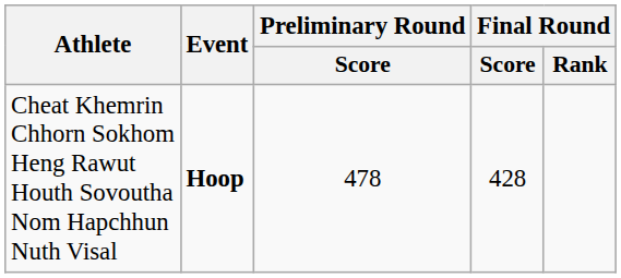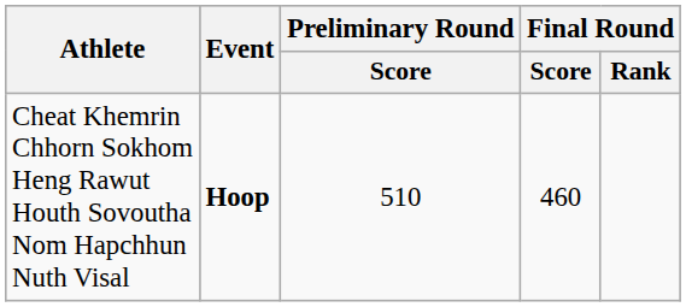 <table class="wikitable" style="font-size:90%">
 <tr>
 <th rowspan=2>Athlete</th>
 <th rowspan=2>Event</th>
 <th>Preliminary Round</th>
 <th colspan=2>Final Round</th>
 </tr>
 <tr style="font-size:95%">
 <th>Score</th>
 <th>Score</th>
 <th>Rank</th>
 </tr>
 <tr align=center>
 <td align=left>Cheat Khemrin<br>Chhorn Sokhom<br>Heng Rawut <br>Houth Sovoutha<br>Nom Hapchhun <br>Nuth Visal</td>
 <td align=left><strong>Hoop</strong></td>
-<td>478</td>
-<td>428</td>
+<td>510</td>
+<td>460</td>
 <td></td>
 </tr>
 </table>
